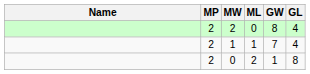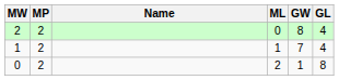 <table class=wikitable style="text-align:center">
 <tr>
+<th width=20>MW</th>
+<th width=20>MP</th>
 <th width=300>Name</th>
-<th width=20>MP</th>
-<th width=20>MW</th>
 <th width=20>ML</th>
 <th width=20>GW</th>
 <th width=20>GL</th>
 </tr>
 <tr style="background-color:#ccffcc;">
-<td style="text-align:left;"><strong></strong></td>
 <td>2</td>
 <td>2</td>
+<td style="text-align:left;"><strong></strong></td>
 <td>0</td>
 <td>8</td>
 <td>4</td>
 </tr>
 <tr>
+<td>1</td>
+<td>2</td>
 <td style="text-align:left;"></td>
-<td>2</td>
-<td>1</td>
 <td>1</td>
 <td>7</td>
 <td>4</td>
 </tr>
 <tr>
+<td>0</td>
+<td>2</td>
 <td style="text-align:left;"></td>
-<td>2</td>
-<td>0</td>
 <td>2</td>
 <td>1</td>
 <td>8</td>
 </tr>
 </table>
